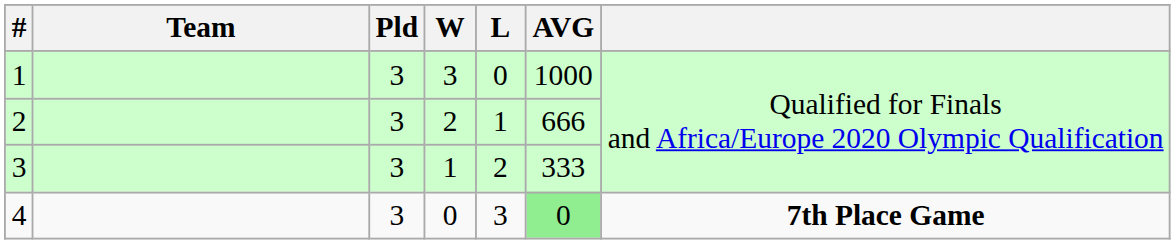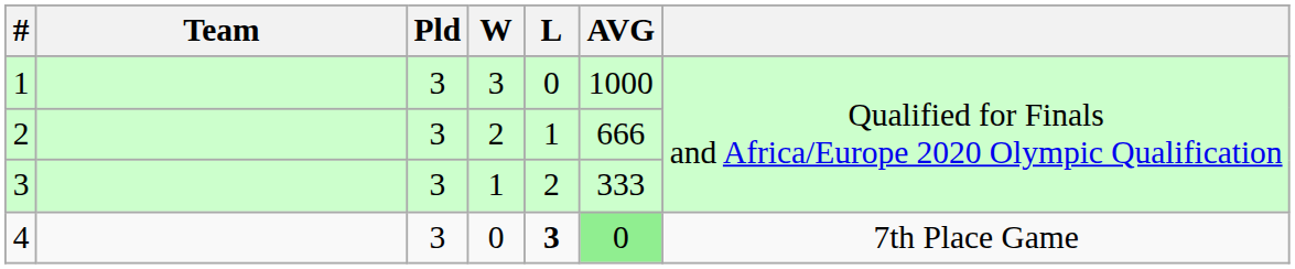 <table class="wikitable" style="text-align:center;">
 <tr>
 <th>#</th>
 <th width=175>Team</th>
 <th width=20 abbr="Played">Pld</th>
 <th width=20 abbr="Won">W</th>
 <th width=20 abbr="Lost">L</th>
 <th width=30 abbr="Average">AVG</th>
 <th></th>
 </tr>
 <tr style="background:#ccffcc">
 <td>1</td>
 <td align=left></td>
 <td>3</td>
 <td>3</td>
 <td>0</td>
 <td>1000</td>
 <td rowspan="3">Qualified for Finals<br>and <a href='#'>Africa/Europe 2020 Olympic Qualification</a></td>
 </tr>
 <tr style="background:#ccffcc">
 <td>2</td>
 <td align=left></td>
 <td>3</td>
 <td>2</td>
 <td>1</td>
 <td>666</td>
 </tr>
 <tr style="background:#ccffcc">
 <td>3</td>
 <td align=left></td>
 <td>3</td>
 <td>1</td>
 <td>2</td>
 <td>333</td>
 </tr>
 <tr>
 <td>4</td>
 <td align=left></td>
 <td>3</td>
 <td>0</td>
-<td>3</td>
+<td><strong>3</strong></td>
 <td style="background: lightgreen;">0</td>
-<td><strong>7th Place Game</strong></td>
+<td>7th Place Game</td>
 </tr>
 </table>
